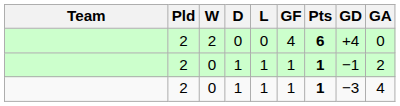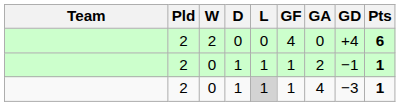 <table class="wikitable" style="text-align: center;">
 <tr>
 <th width=165>Team</th>
 <th width=20>Pld</th>
 <th width=20>W</th>
 <th width=20>D</th>
 <th width=20>L</th>
 <th width=20>GF</th>
+<th width=20>GA</th>
+<th width=20>GD</th>
 <th width=20>Pts</th>
-<th width=20>GD</th>
-<th width=20>GA</th>
 </tr>
 <tr bgcolor=ccffcc>
 <td style="text-align:left;"></td>
 <td>2</td>
 <td>2</td>
 <td>0</td>
 <td>0</td>
 <td>4</td>
+<td>0</td>
+<td>+4</td>
 <td><strong>6</strong></td>
-<td>+4</td>
-<td>0</td>
 </tr>
 <tr bgcolor=ccffcc>
 <td style="text-align:left;"></td>
 <td>2</td>
 <td>0</td>
 <td>1</td>
 <td>1</td>
 <td>1</td>
+<td>2</td>
+<td>−1</td>
 <td><strong>1</strong></td>
-<td>−1</td>
-<td>2</td>
 </tr>
 <tr>
 <td style="text-align:left;"></td>
 <td>2</td>
 <td>0</td>
 <td>1</td>
+<td style="background: lightgrey;">1</td>
 <td>1</td>
-<td>1</td>
+<td>4</td>
+<td>−3</td>
 <td><strong>1</strong></td>
-<td>−3</td>
-<td>4</td>
 </tr>
 </table>
